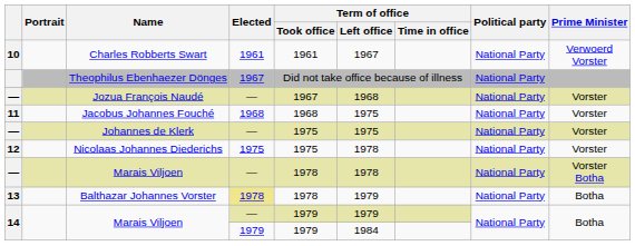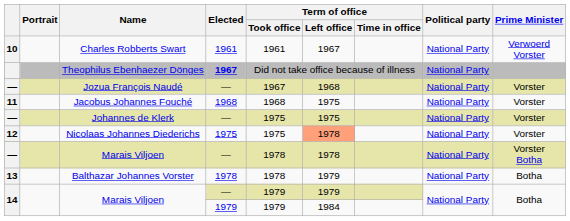 <table class="wikitable" style="font-size:100%;text-align:center">
 <tr>
 <th rowspan="2"></th>
 <th rowspan="2">Portrait</th>
 <th rowspan="2">Name<br></th>
 <th rowspan="2">Elected</th>
 <th colspan="3">Term of office</th>
 <th rowspan="2">Political party</th>
 <th rowspan="2"><a href='#'>Prime Minister</a></th>
 </tr>
 <tr>
 <th>Took office</th>
 <th>Left office</th>
 <th>Time in office</th>
 </tr>
 <tr>
 <th style="background:">10</th>
 <td></td>
 <td><a href='#'>Charles Robberts Swart</a><br></td>
 <td><a href='#'>1961</a></td>
 <td> 1961</td>
 <td> 1967<br></td>
 <td></td>
 <td><a href='#'>National Party</a></td>
 <td><a href='#'>Verwoerd</a><br><a href='#'>Vorster</a></td>
 </tr>
 <tr style="background:#bbbbbb;">
 <th style="background:"></th>
 <td></td>
 <td><a href='#'>Theophilus Ebenhaezer Dönges</a><br></td>
-<td><a href='#'>1967</a></td>
+<td><strong><a href='#'>1967</a></strong></td>
 <td colspan=3>Did not take office because of illness</td>
 <td><a href='#'>National Party</a></td>
 <td></td>
 </tr>
 <tr style="background:#e6e6aa;">
 <th style="background:">—</th>
 <td></td>
 <td><a href='#'>Jozua François Naudé</a><br></td>
 <td>—</td>
 <td> 1967</td>
 <td> 1968</td>
 <td></td>
 <td><a href='#'>National Party</a></td>
 <td>Vorster</td>
 </tr>
 <tr>
 <th style="background:">11</th>
 <td></td>
 <td><a href='#'>Jacobus Johannes Fouché</a><br></td>
 <td><a href='#'>1968</a></td>
 <td> 1968</td>
 <td> 1975</td>
 <td></td>
 <td><a href='#'>National Party</a></td>
 <td>Vorster</td>
 </tr>
 <tr style="background:#e6e6aa;">
 <th style="background:">—</th>
 <td></td>
 <td><a href='#'>Johannes de Klerk</a><br></td>
 <td>—</td>
 <td> 1975</td>
 <td> 1975</td>
 <td></td>
 <td><a href='#'>National Party</a></td>
 <td>Vorster</td>
 </tr>
 <tr>
 <th style="background:">12</th>
 <td></td>
 <td><a href='#'>Nicolaas Johannes Diederichs</a><br></td>
 <td><a href='#'>1975</a></td>
 <td> 1975</td>
-<td> 1978<br></td>
+<td style="background: lightsalmon;"> 1978<br></td>
 <td></td>
 <td><a href='#'>National Party</a></td>
 <td>Vorster</td>
 </tr>
 <tr style="background:#e6e6aa;">
 <th style="background:">—</th>
 <td></td>
 <td><a href='#'>Marais Viljoen</a><br></td>
 <td>—</td>
 <td> 1978</td>
 <td> 1978</td>
 <td></td>
 <td><a href='#'>National Party</a></td>
 <td>Vorster<br><a href='#'>Botha</a></td>
 </tr>
 <tr>
 <th style="background:">13</th>
 <td></td>
 <td><a href='#'>Balthazar Johannes Vorster</a><br></td>
-<td style="background: khaki;"><a href='#'>1978</a></td>
+<td><a href='#'>1978</a></td>
 <td> 1978</td>
 <td> 1979<br></td>
 <td></td>
 <td><a href='#'>National Party</a></td>
 <td>Botha</td>
 </tr>
 <tr>
 <th rowspan=2 style="background:">14</th>
 <td rowspan=2></td>
 <td rowspan=2><a href='#'>Marais Viljoen</a><br></td>
 <td style="background:#e6e6aa;">—</td>
 <td style="background:#e6e6aa;"> 1979</td>
 <td style="background:#e6e6aa;"> 1979</td>
 <td style="background:#e6e6aa;"></td>
 <td rowspan=2><a href='#'>National Party</a></td>
 <td rowspan=2>Botha</td>
 </tr>
 <tr>
 <td><a href='#'>1979</a></td>
 <td> 1979</td>
 <td> 1984</td>
 <td></td>
 </tr>
 </table>
